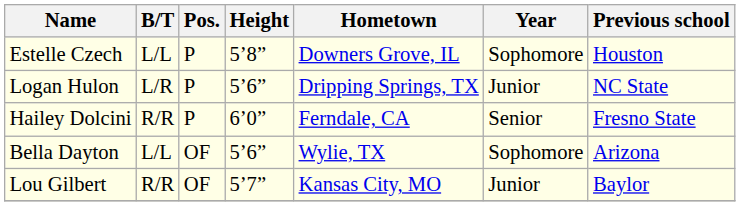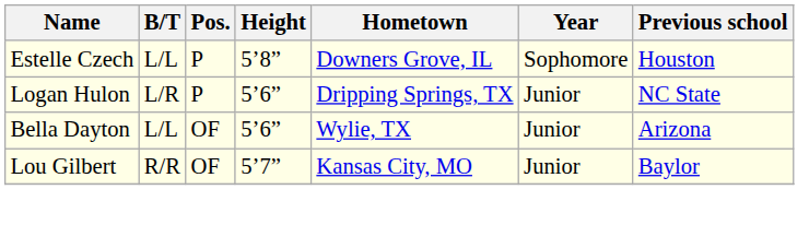 <table class="wikitable sortable">
 <tr>
 <th style="text-align:center; ">Name</th>
 <th style="text-align:center; ">B/T</th>
 <th style="text-align:center; ">Pos.</th>
 <th style="text-align:center; ">Height</th>
 <th style="text-align:center; ">Hometown</th>
 <th style="text-align:center; ">Year</th>
 <th style="text-align:center; ">Previous school</th>
 </tr>
 <tr style="background:#FFFFE6;">
 <td>Estelle Czech</td>
 <td>L/L</td>
 <td>P</td>
 <td>5’8”</td>
 <td><a href='#'>Downers Grove, IL</a></td>
 <td>Sophomore</td>
 <td><a href='#'>Houston</a></td>
 </tr>
 <tr style="background:#FFFFE6;">
 <td>Logan Hulon</td>
 <td>L/R</td>
 <td>P</td>
 <td>5’6”</td>
 <td><a href='#'>Dripping Springs, TX</a></td>
 <td>Junior</td>
 <td><a href='#'>NC State</a></td>
 </tr>
 <tr style="background:#FFFFE6;">
-<td>Hailey Dolcini</td>
-<td>R/R</td>
-<td>P</td>
-<td>6’0”</td>
-<td><a href='#'>Ferndale, CA</a></td>
-<td>Senior</td>
-<td><a href='#'>Fresno State</a></td>
-</tr>
-<tr style="background:#FFFFE6;">
 <td>Bella Dayton</td>
 <td>L/L</td>
 <td>OF</td>
 <td>5’6”</td>
 <td><a href='#'>Wylie, TX</a></td>
-<td>Sophomore</td>
+<td>Junior</td>
 <td><a href='#'>Arizona</a></td>
 </tr>
 <tr style="background:#FFFFE6;">
 <td>Lou Gilbert</td>
 <td>R/R</td>
 <td>OF</td>
 <td>5’7”</td>
 <td><a href='#'>Kansas City, MO</a></td>
 <td>Junior</td>
 <td><a href='#'>Baylor</a></td>
 </tr>
 <tr>
 </tr>
 </table>
